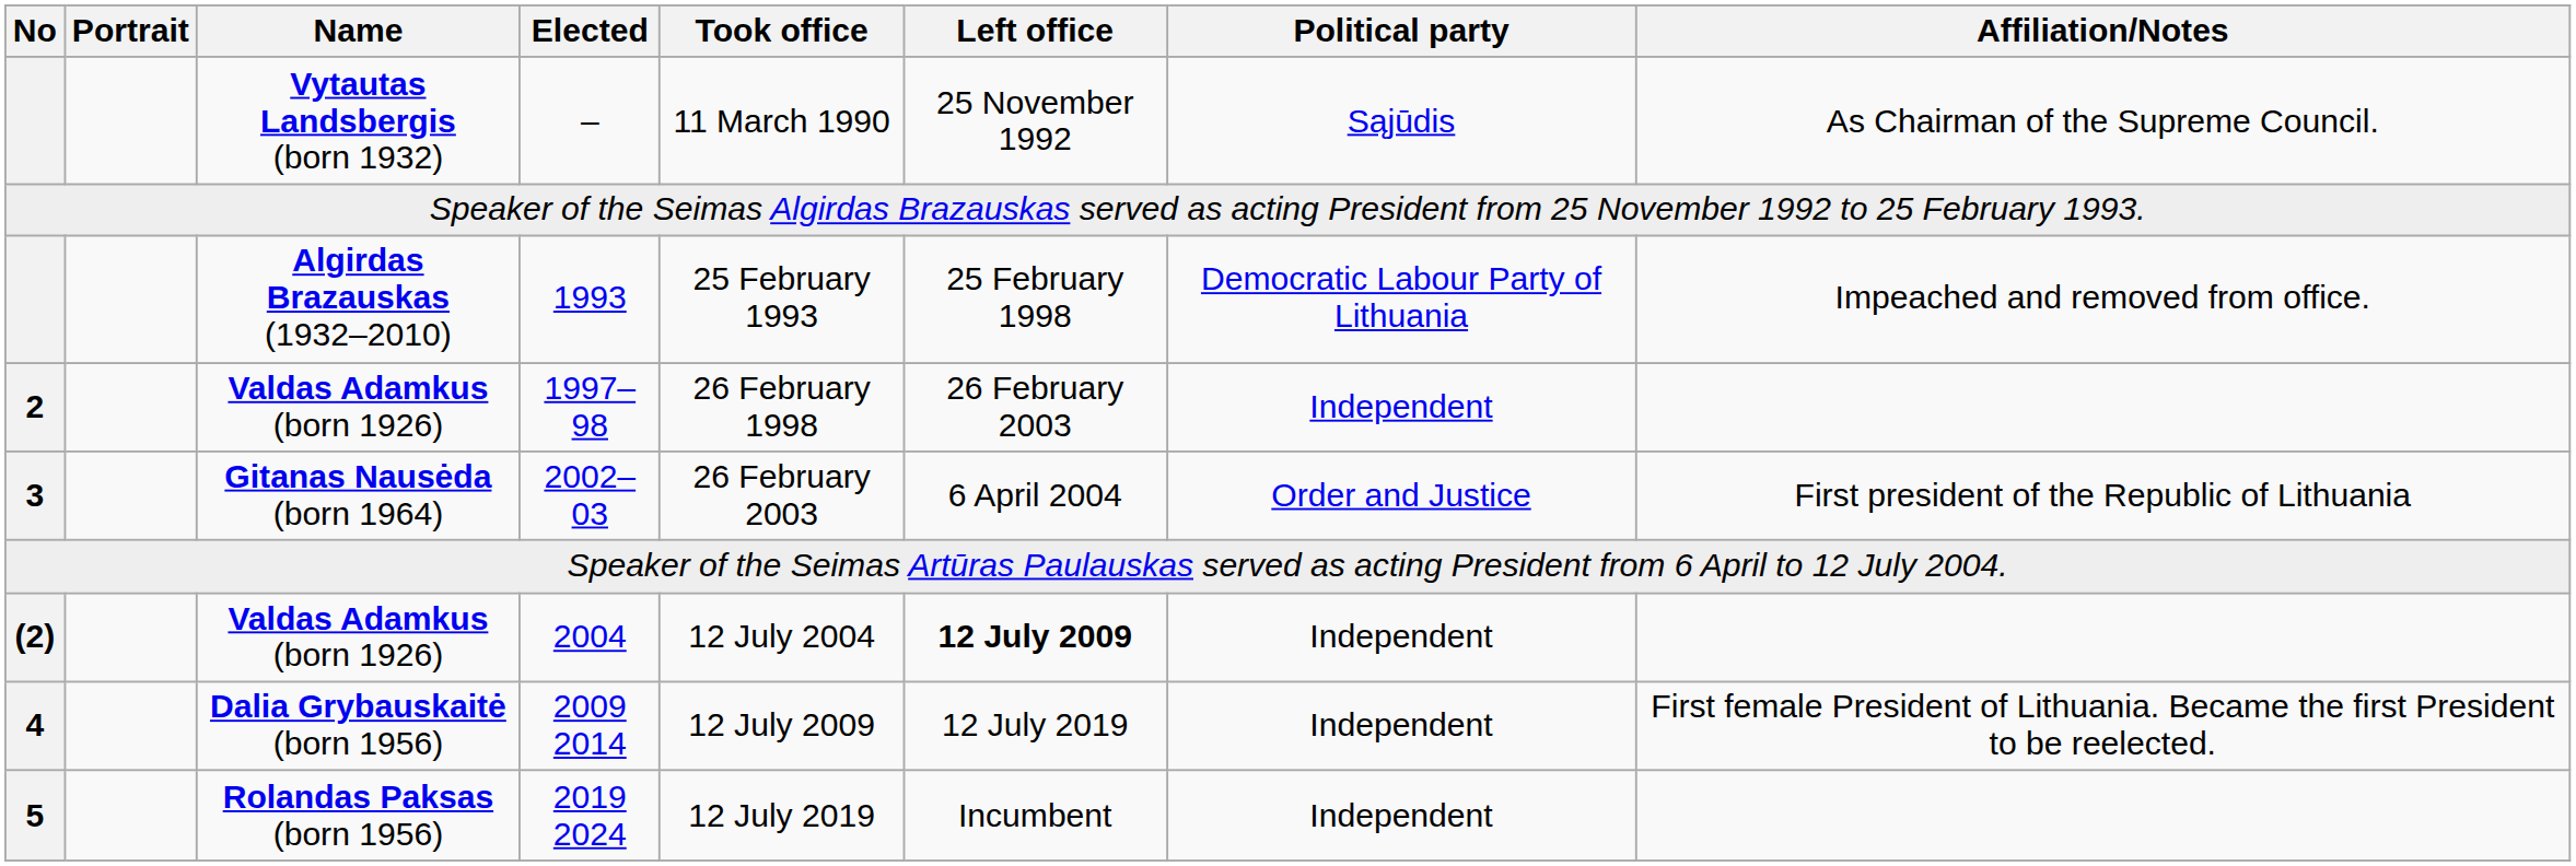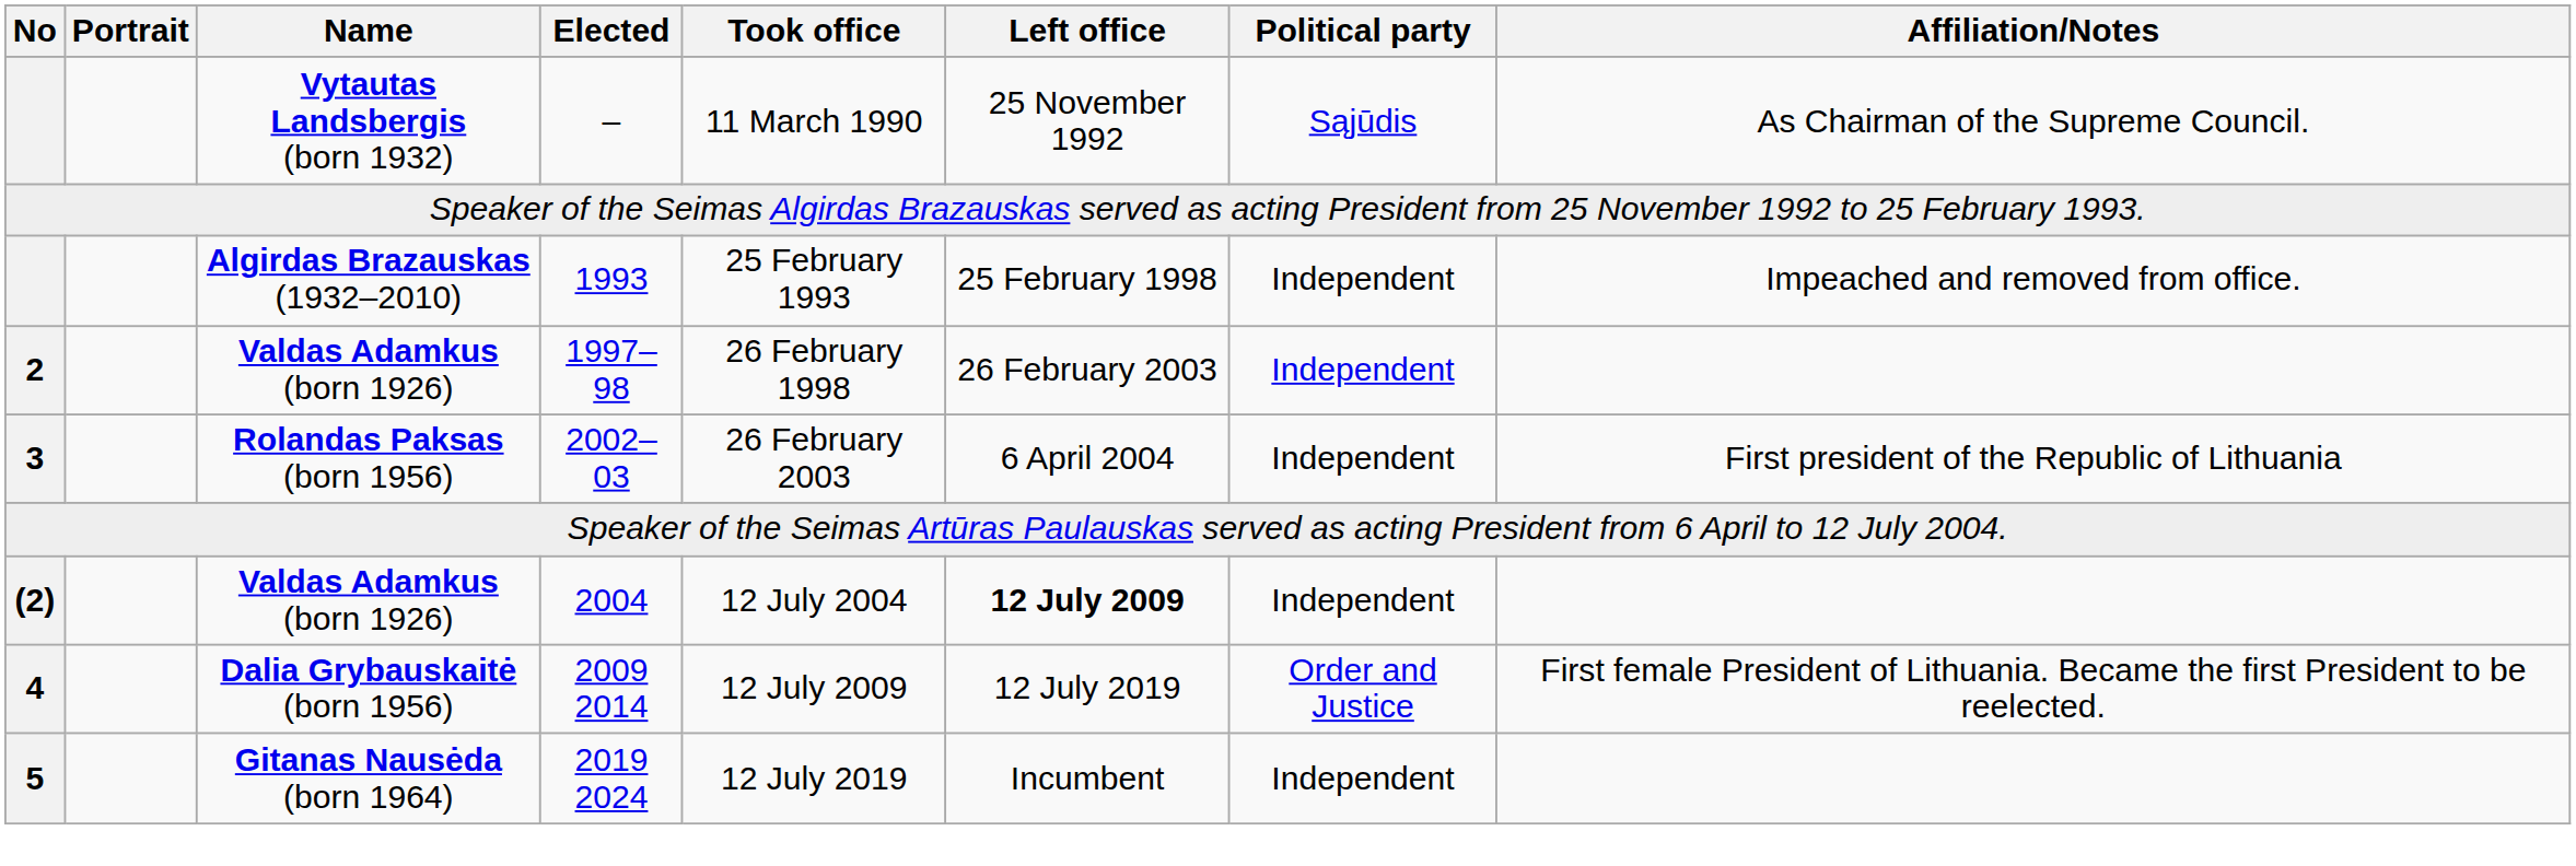 <table class="wikitable sticky-header">
 <tr>
 <th>No</th>
 <th>Portrait</th>
 <th>Name<br></th>
 <th>Elected</th>
 <th>Took office</th>
 <th>Left office</th>
 <th>Political party</th>
 <th>Affiliation/Notes</th>
 </tr>
 <tr>
 <th style="background:"><strong></strong></th>
 <td style="text-align:center;"></td>
 <td style="text-align:center;"><strong><a href='#'>Vytautas Landsbergis</a></strong><br>(born 1932)</td>
 <td style="text-align:center;">–</td>
 <td style="text-align:center;">11 March 1990</td>
 <td style="text-align:center;">25 November 1992</td>
 <td style="text-align:center;"><a href='#'>Sąjūdis</a></td>
 <td style="text-align:center;">As Chairman of the Supreme Council.</td>
 </tr>
 <tr>
 <td style="text-align:center;" bgcolor=#EEEEEE colspan=8><em>Speaker of the Seimas <a href='#'>Algirdas Brazauskas</a> served as acting President from 25 November 1992 to 25 February 1993.</em></td>
 </tr>
 <tr>
 <th style="background:"><strong></strong></th>
 <td style="text-align:center;"></td>
 <td style="text-align:center;"><strong><a href='#'>Algirdas Brazauskas</a></strong><br>(1932–2010)</td>
 <td style="text-align:center;"><a href='#'>1993</a></td>
 <td style="text-align:center;">25 February 1993</td>
 <td style="text-align:center;">25 February 1998</td>
-<td style="text-align:center;"><a href='#'>Democratic Labour Party of Lithuania</a></td>
+<td style="text-align:center;">Independent</td>
 <td style="text-align:center;">Impeached and removed from office.</td>
 </tr>
 <tr>
 <th>2</th>
 <td style="text-align:center;"></td>
 <td style="text-align:center;"><strong><a href='#'>Valdas Adamkus</a></strong><br>(born 1926)</td>
 <td style="text-align:center;"><a href='#'>1997–98</a></td>
 <td style="text-align:center;">26 February 1998</td>
 <td style="text-align:center;">26 February 2003</td>
 <td style="text-align:center;"><a href='#'>Independent</a></td>
 <td style="text-align:center;"></td>
 </tr>
 <tr>
 <th style="background:"><strong>3</strong></th>
 <td style="text-align:center;"></td>
-<td style="text-align:center;"><strong><a href='#'>Gitanas Nausėda</a></strong><br>(born 1964)</td>
+<td style="text-align:center;"><strong><a href='#'>Rolandas Paksas</a></strong><br>(born 1956)</td>
 <td style="text-align:center;"><a href='#'>2002–03</a></td>
 <td style="text-align:center;">26 February 2003</td>
 <td style="text-align:center;">6 April 2004</td>
-<td style="text-align:center;"><a href='#'>Order and Justice</a></td>
+<td style="text-align:center;">Independent</td>
 <td style="text-align:center;">First president of the Republic of Lithuania</td>
 </tr>
 <tr>
 <td style="text-align:center;" bgcolor=#EEEEEE colspan=8><em>Speaker of the Seimas <a href='#'>Artūras Paulauskas</a> served as acting President from 6 April to 12 July 2004.</em></td>
 </tr>
 <tr>
 <th>(2)</th>
 <td style="text-align:center;"></td>
 <td style="text-align:center;"><strong><a href='#'>Valdas Adamkus</a></strong><br>(born 1926)</td>
 <td style="text-align:center;"><a href='#'>2004</a></td>
 <td style="text-align:center;">12 July 2004</td>
 <td style="text-align:center;"><strong>12 July 2009</strong></td>
 <td style="text-align:center;">Independent</td>
 <td style="text-align:center;"></td>
 </tr>
 <tr>
 <th>4</th>
 <td style="text-align:center;"></td>
 <td style="text-align:center;"><strong><a href='#'>Dalia Grybauskaitė</a></strong><br>(born 1956)</td>
 <td style="text-align:center;"><a href='#'>2009</a><br><a href='#'>2014</a></td>
 <td style="text-align:center;">12 July 2009</td>
 <td style="text-align:center;">12 July 2019</td>
-<td style="text-align:center;">Independent</td>
+<td style="text-align:center;"><a href='#'>Order and Justice</a></td>
 <td style="text-align:center;">First female President of Lithuania. Became the first President to be reelected.</td>
 </tr>
 <tr>
 <th>5</th>
 <td style="text-align:center;"></td>
-<td style="text-align:center;"><strong><a href='#'>Rolandas Paksas</a></strong><br>(born 1956)</td>
+<td style="text-align:center;"><strong><a href='#'>Gitanas Nausėda</a></strong><br>(born 1964)</td>
 <td style="text-align:center;"><a href='#'>2019</a><br><a href='#'>2024</a></td>
 <td style="text-align:center;">12 July 2019</td>
 <td style="text-align:center;">Incumbent</td>
 <td style="text-align:center;">Independent</td>
 <td style="text-align:center;"></td>
 </tr>
 </table>
